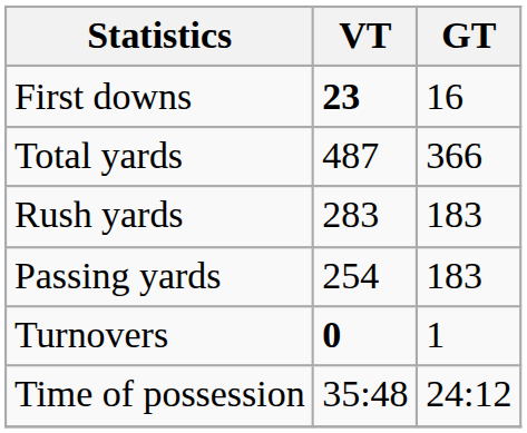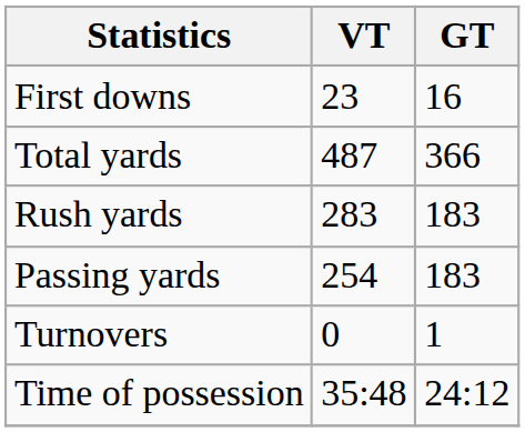 <table class="wikitable" style="float: left;">
 <tr>
 <th>Statistics</th>
 <th>VT</th>
 <th>GT</th>
 </tr>
 <tr>
 <td>First downs</td>
-<td><strong>23</strong></td>
+<td>23</td>
 <td>16</td>
 </tr>
 <tr>
 <td>Total yards</td>
 <td>487</td>
 <td>366</td>
 </tr>
 <tr>
 <td>Rush yards</td>
 <td>283</td>
 <td>183</td>
 </tr>
 <tr>
 <td>Passing yards</td>
 <td>254</td>
 <td>183</td>
 </tr>
 <tr>
 <td>Turnovers</td>
-<td><strong>0</strong></td>
+<td>0</td>
 <td>1</td>
 </tr>
 <tr>
 <td>Time of possession</td>
 <td>35:48</td>
 <td>24:12</td>
 </tr>
 <tr>
 </tr>
 </table>
